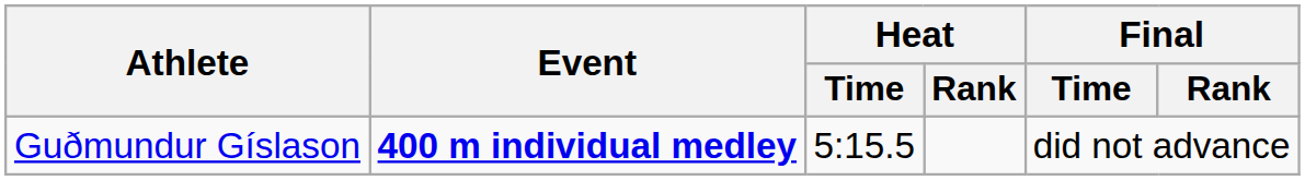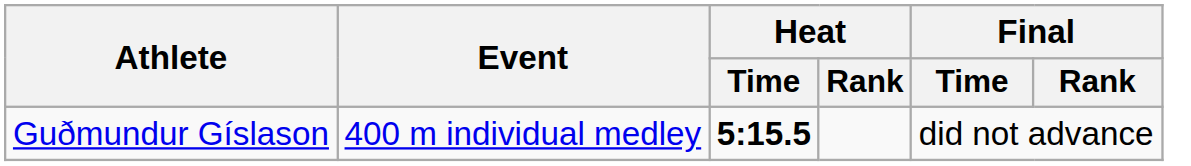 <table class=wikitable style="font-size:90%">
 <tr>
 <th rowspan=2>Athlete</th>
 <th rowspan=2>Event</th>
 <th colspan="2">Heat</th>
 <th colspan="2">Final</th>
 </tr>
 <tr style="font-size:95%">
 <th>Time</th>
 <th>Rank</th>
 <th>Time</th>
 <th>Rank</th>
 </tr>
 <tr align=center>
 <td align=left><a href='#'>Guðmundur Gíslason</a></td>
-<td align=left><strong><a href='#'>400 m individual medley</a></strong></td>
-<td>5:15.5</td>
+<td align=left><a href='#'>400 m individual medley</a></td>
+<td><strong>5:15.5</strong></td>
 <td></td>
 <td colspan=2>did not advance</td>
 </tr>
 </table>
